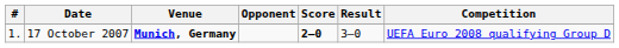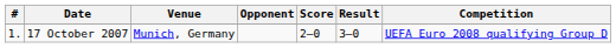 <table class="wikitable" style=font-size:90%>
 <tr>
 <th>#</th>
 <th>Date</th>
 <th>Venue</th>
 <th>Opponent</th>
 <th>Score</th>
 <th>Result</th>
 <th>Competition</th>
 </tr>
 <tr>
 </tr>
 <tr>
 <td>1.</td>
 <td>17 October 2007</td>
-<td><strong><a href='#'>Munich</a>, Germany</strong></td>
+<td><a href='#'>Munich</a>, Germany</td>
 <td></td>
-<td><strong>2–0</strong></td>
+<td>2–0</td>
 <td>3–0</td>
 <td><a href='#'>UEFA Euro 2008 qualifying Group D</a></td>
 </tr>
 </table>
